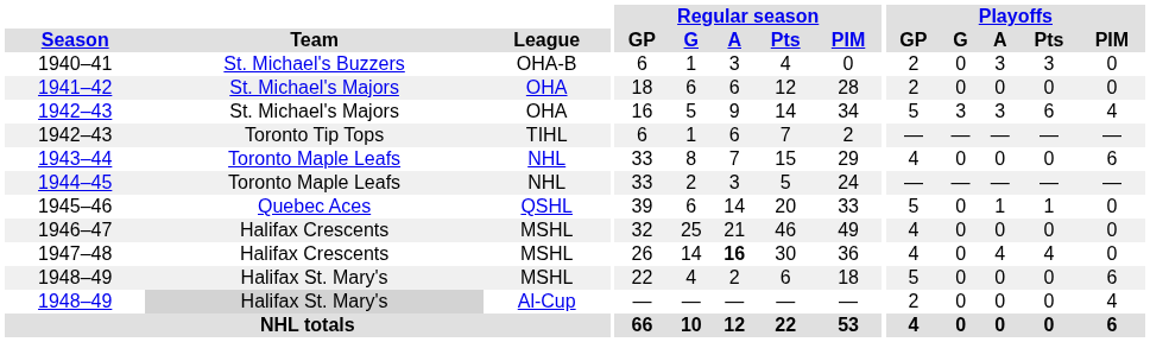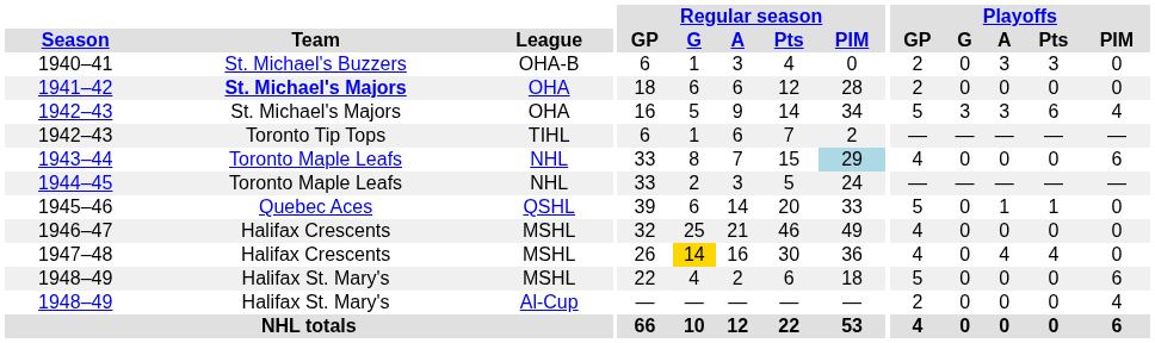 <table border="0" cellpadding="1" cellspacing="0" style="text-align:center; width:60em">
 <tr bgcolor="#e0e0e0">
 <th colspan="3" bgcolor="#ffffff"></th>
 <th rowspan="100" bgcolor="#ffffff"></th>
 <th colspan="5"><a href='#'>Regular season</a></th>
 <th rowspan="100" bgcolor="#ffffff"></th>
 <th colspan="5"><a href='#'>Playoffs</a></th>
 </tr>
 <tr bgcolor="#e0e0e0">
 <th><a href='#'>Season</a></th>
 <th>Team</th>
 <th>League</th>
 <th>GP</th>
 <th><a href='#'>G</a></th>
 <th><a href='#'>A</a></th>
 <th><a href='#'>Pts</a></th>
 <th><a href='#'>PIM</a></th>
 <th>GP</th>
 <th>G</th>
 <th>A</th>
 <th>Pts</th>
 <th>PIM</th>
 </tr>
 <tr>
 <td>1940–41</td>
 <td><a href='#'>St. Michael's Buzzers</a></td>
 <td>OHA-B</td>
 <td>6</td>
 <td>1</td>
 <td>3</td>
 <td>4</td>
 <td>0</td>
 <td>2</td>
 <td>0</td>
 <td>3</td>
 <td>3</td>
 <td>0</td>
 </tr>
 <tr bgcolor="#f0f0f0">
 <td><a href='#'>1941–42</a></td>
-<td><a href='#'>St. Michael's Majors</a></td>
+<td><strong><a href='#'>St. Michael's Majors</a></strong></td>
 <td><a href='#'>OHA</a></td>
 <td>18</td>
 <td>6</td>
 <td>6</td>
 <td>12</td>
 <td>28</td>
 <td>2</td>
 <td>0</td>
 <td>0</td>
 <td>0</td>
 <td>0</td>
 </tr>
 <tr>
 <td><a href='#'>1942–43</a></td>
 <td>St. Michael's Majors</td>
 <td>OHA</td>
 <td>16</td>
 <td>5</td>
 <td>9</td>
 <td>14</td>
 <td>34</td>
 <td>5</td>
 <td>3</td>
 <td>3</td>
 <td>6</td>
 <td>4</td>
 </tr>
 <tr bgcolor="#f0f0f0">
 <td>1942–43</td>
 <td>Toronto Tip Tops</td>
 <td>TIHL</td>
 <td>6</td>
 <td>1</td>
 <td>6</td>
 <td>7</td>
 <td>2</td>
 <td>—</td>
 <td>—</td>
 <td>—</td>
 <td>—</td>
 <td>—</td>
 </tr>
 <tr>
 <td><a href='#'>1943–44</a></td>
 <td><a href='#'>Toronto Maple Leafs</a></td>
 <td><a href='#'>NHL</a></td>
 <td>33</td>
 <td>8</td>
 <td>7</td>
 <td>15</td>
-<td>29</td>
+<td style="background: lightblue;">29</td>
 <td>4</td>
 <td>0</td>
 <td>0</td>
 <td>0</td>
 <td>6</td>
 </tr>
 <tr bgcolor="#f0f0f0">
 <td><a href='#'>1944–45</a></td>
 <td>Toronto Maple Leafs</td>
 <td>NHL</td>
 <td>33</td>
 <td>2</td>
 <td>3</td>
 <td>5</td>
 <td>24</td>
 <td>—</td>
 <td>—</td>
 <td>—</td>
 <td>—</td>
 <td>—</td>
 </tr>
 <tr>
 <td>1945–46</td>
 <td><a href='#'>Quebec Aces</a></td>
 <td><a href='#'>QSHL</a></td>
 <td>39</td>
 <td>6</td>
 <td>14</td>
 <td>20</td>
 <td>33</td>
 <td>5</td>
 <td>0</td>
 <td>1</td>
 <td>1</td>
 <td>0</td>
 </tr>
 <tr bgcolor="#f0f0f0">
 <td>1946–47</td>
 <td>Halifax Crescents</td>
 <td>MSHL</td>
 <td>32</td>
 <td>25</td>
 <td>21</td>
 <td>46</td>
 <td>49</td>
 <td>4</td>
 <td>0</td>
 <td>0</td>
 <td>0</td>
 <td>0</td>
 </tr>
 <tr>
 <td>1947–48</td>
 <td>Halifax Crescents</td>
 <td>MSHL</td>
 <td>26</td>
-<td>14</td>
-<td><strong>16</strong></td>
+<td style="background: gold;">14</td>
+<td>16</td>
 <td>30</td>
 <td>36</td>
 <td>4</td>
 <td>0</td>
 <td>4</td>
 <td>4</td>
 <td>0</td>
 </tr>
 <tr bgcolor="#f0f0f0">
 <td>1948–49</td>
 <td>Halifax St. Mary's</td>
 <td>MSHL</td>
 <td>22</td>
 <td>4</td>
 <td>2</td>
 <td>6</td>
 <td>18</td>
 <td>5</td>
 <td>0</td>
 <td>0</td>
 <td>0</td>
 <td>6</td>
 </tr>
 <tr>
 <td><a href='#'>1948–49</a></td>
-<td style="background: lightgrey;">Halifax St. Mary's</td>
+<td>Halifax St. Mary's</td>
 <td><a href='#'>Al-Cup</a></td>
 <td>—</td>
 <td>—</td>
 <td>—</td>
 <td>—</td>
 <td>—</td>
 <td>2</td>
 <td>0</td>
 <td>0</td>
 <td>0</td>
 <td>4</td>
 </tr>
 <tr bgcolor="#e0e0e0">
 <th colspan="3">NHL totals</th>
 <th>66</th>
 <th>10</th>
 <th>12</th>
 <th>22</th>
 <th>53</th>
 <th>4</th>
 <th>0</th>
 <th>0</th>
 <th>0</th>
 <th>6</th>
 </tr>
 </table>
